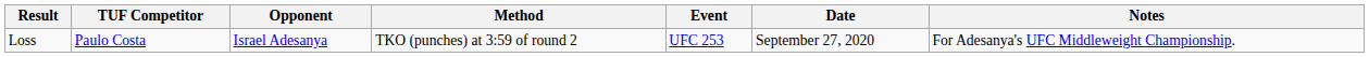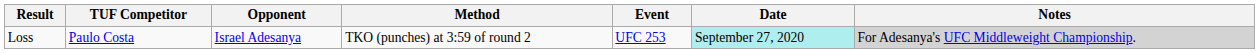 <table class="wikitable sortable" style="font-size:85%; text-align:left; width:99%;">
 <tr>
 <th>Result</th>
 <th>TUF Competitor</th>
 <th>Opponent</th>
 <th>Method</th>
 <th>Event</th>
 <th>Date</th>
 <th>Notes</th>
 </tr>
 <tr>
 <td>Loss</td>
 <td><a href='#'>Paulo Costa</a></td>
 <td><a href='#'>Israel Adesanya</a></td>
 <td>TKO (punches) at 3:59 of round 2</td>
 <td><a href='#'>UFC 253</a></td>
-<td>September 27, 2020</td>
-<td>For Adesanya's <a href='#'>UFC Middleweight Championship</a>.</td>
+<td style="background: paleturquoise;">September 27, 2020</td>
+<td style="background: lightgrey;">For Adesanya's <a href='#'>UFC Middleweight Championship</a>.</td>
 </tr>
 <tr>
 </tr>
 </table>
